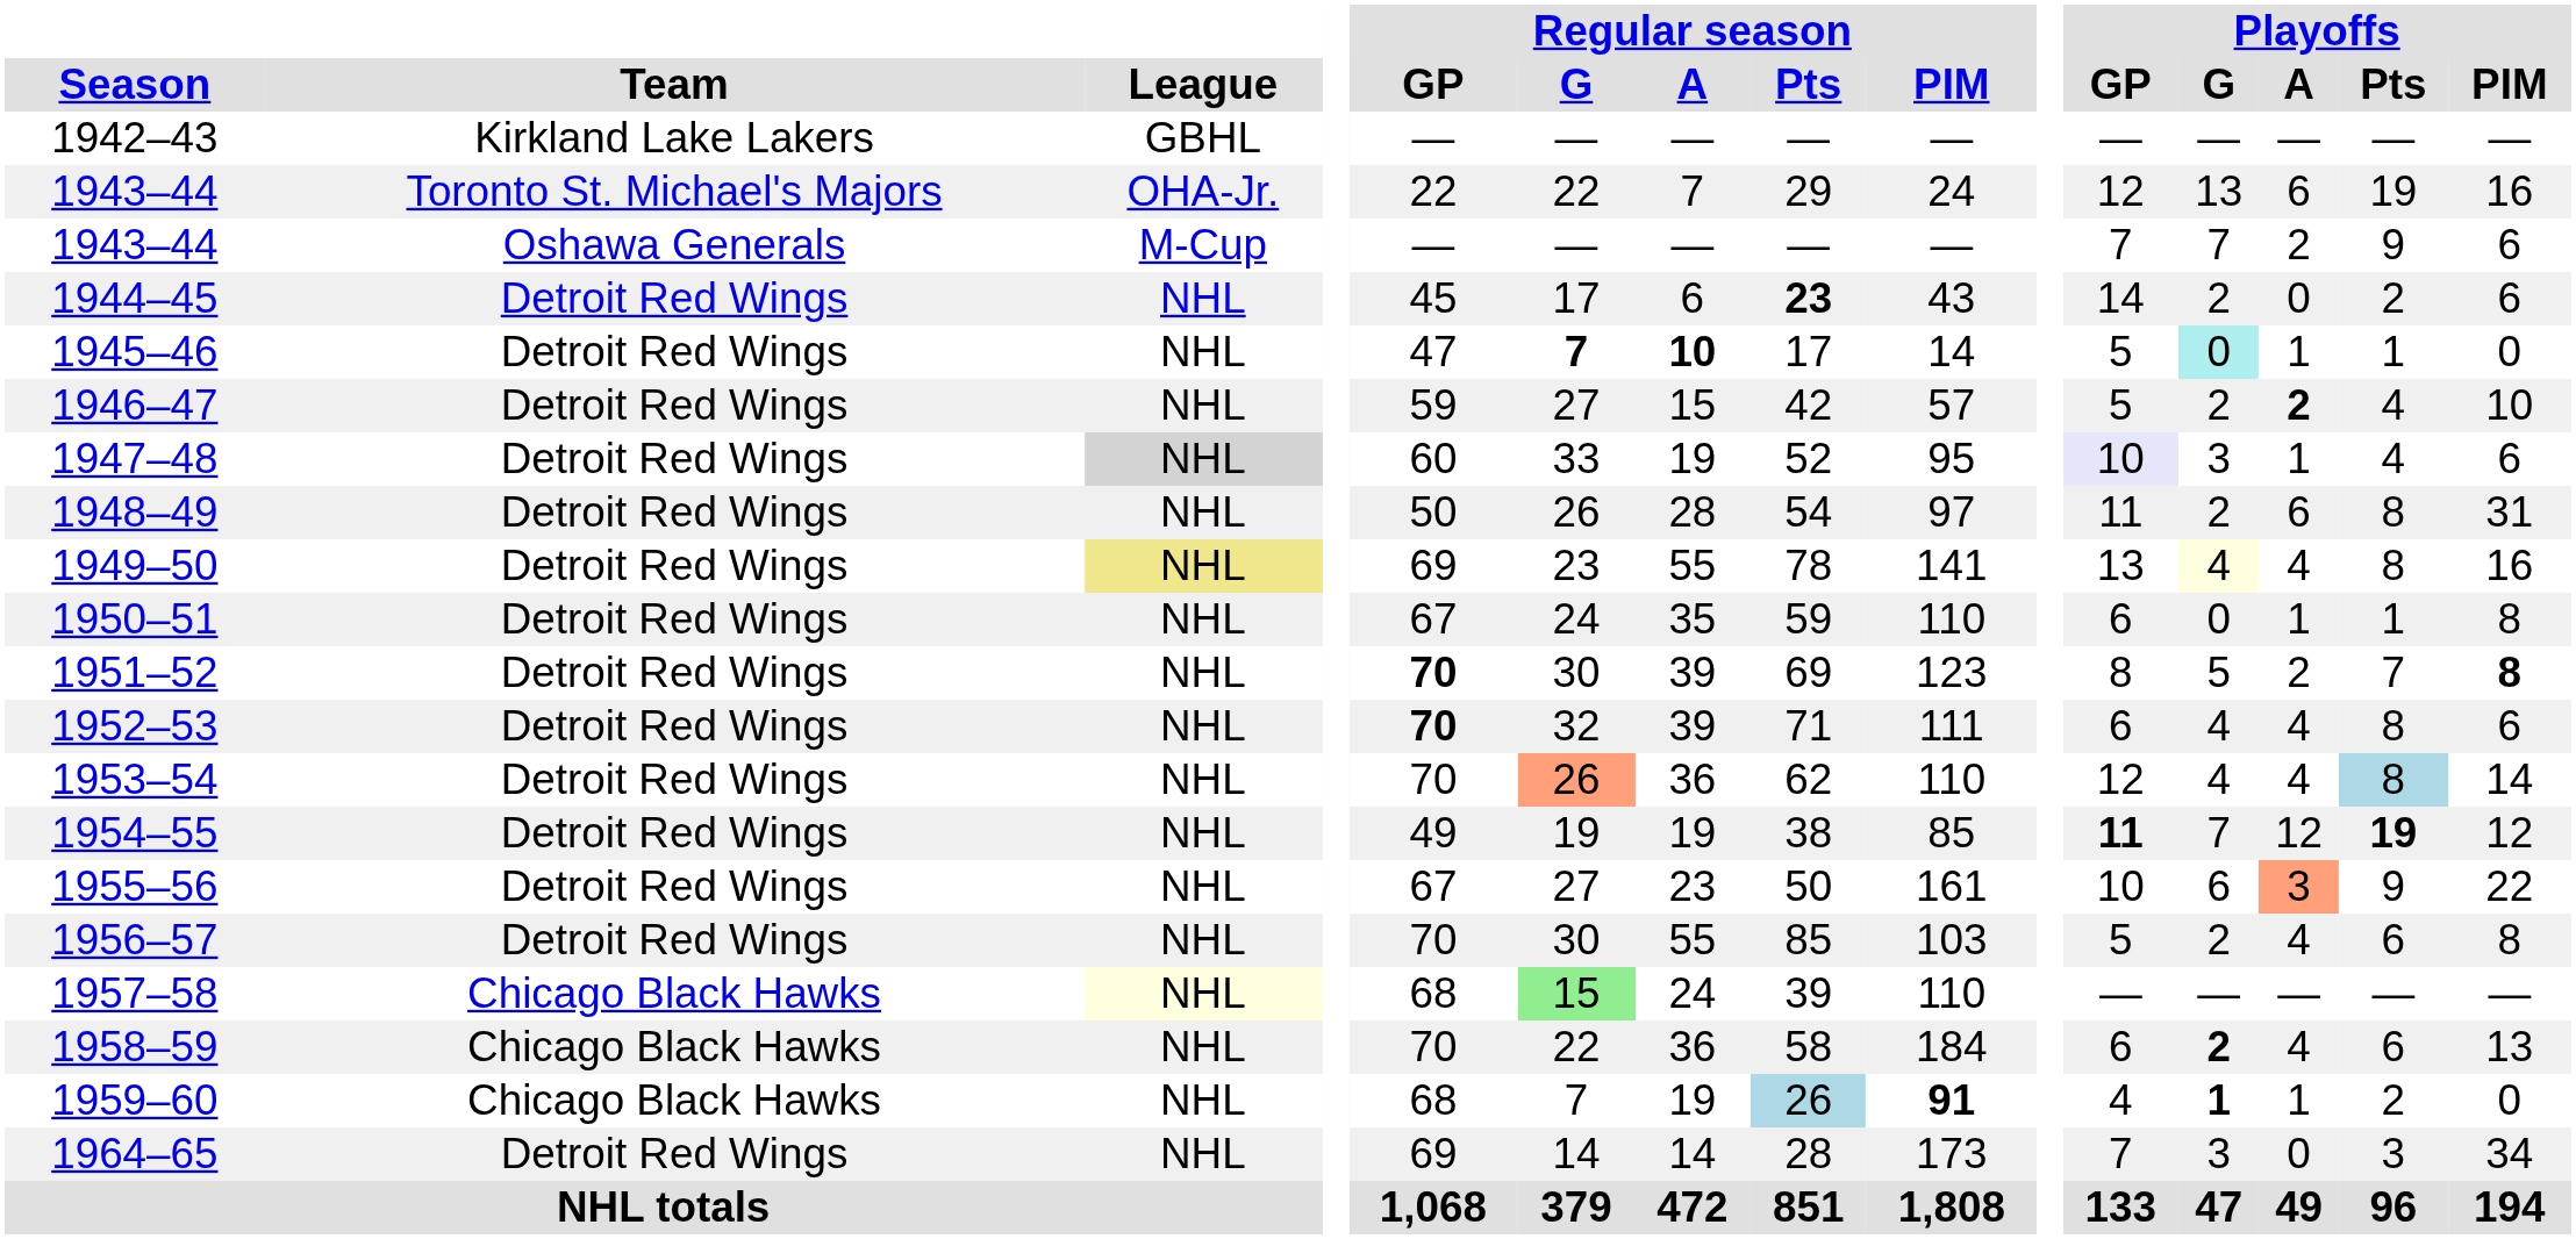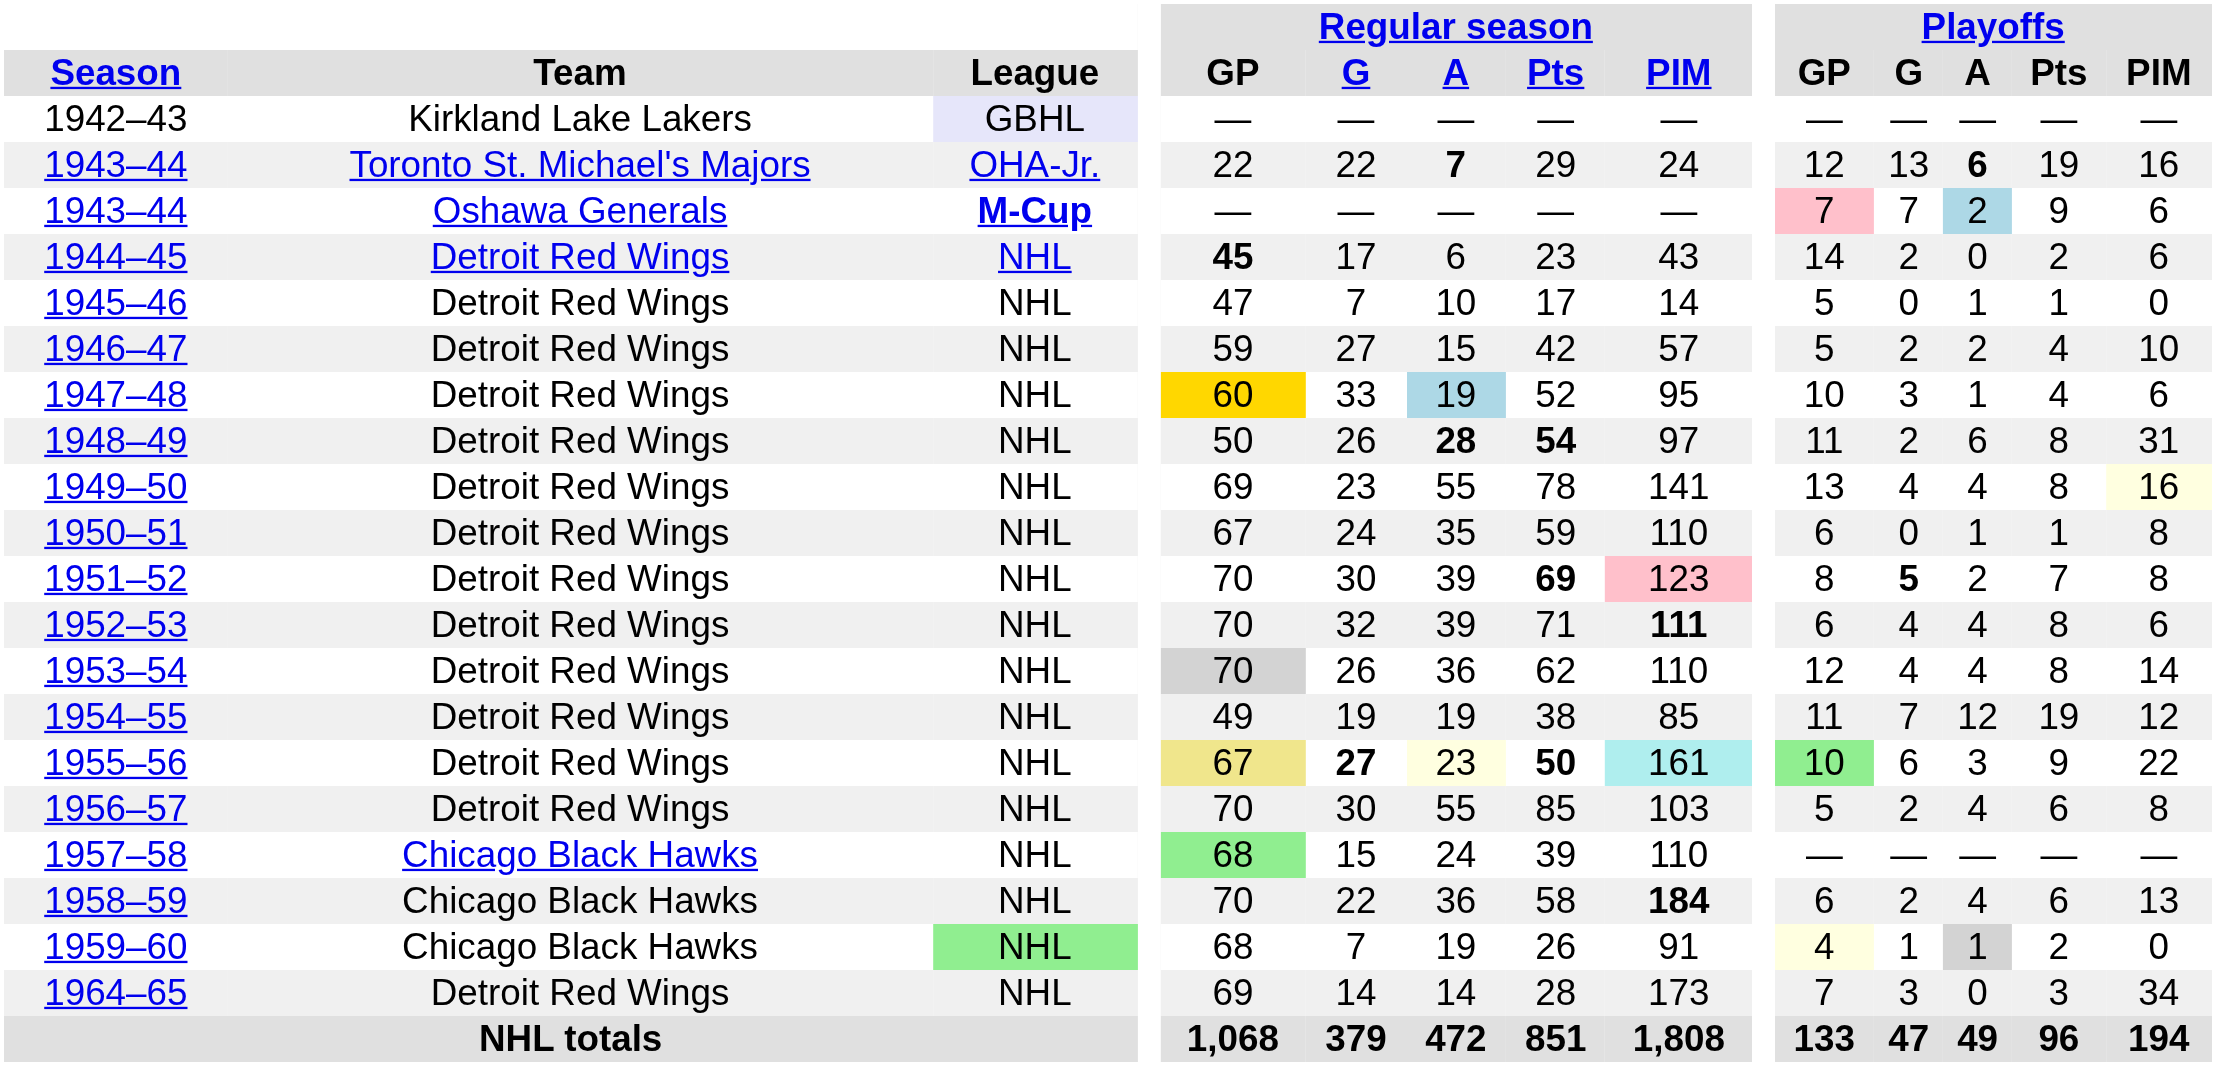 <table border="0" cellpadding="1" cellspacing="0" style="text-align:center; width:60em">
 <tr bgcolor="#e0e0e0">
 <th colspan="3" bgcolor="#ffffff"> </th>
 <th rowspan="99" bgcolor="#ffffff"> </th>
 <th colspan="5"><a href='#'>Regular season</a></th>
 <th rowspan="99" bgcolor="#ffffff"> </th>
 <th colspan="5"><a href='#'>Playoffs</a></th>
 </tr>
 <tr bgcolor="#e0e0e0">
 <th><a href='#'>Season</a></th>
 <th>Team</th>
 <th>League</th>
 <th>GP</th>
 <th><a href='#'>G</a></th>
 <th><a href='#'>A</a></th>
 <th><a href='#'>Pts</a></th>
 <th><a href='#'>PIM</a></th>
 <th>GP</th>
 <th>G</th>
 <th>A</th>
 <th>Pts</th>
 <th>PIM</th>
 </tr>
 <tr>
 <td>1942–43</td>
 <td>Kirkland Lake Lakers</td>
-<td>GBHL</td>
+<td style="background: lavender;">GBHL</td>
 <td>—</td>
 <td>—</td>
 <td>—</td>
 <td>—</td>
 <td>—</td>
 <td>—</td>
 <td>—</td>
 <td>—</td>
 <td>—</td>
 <td>—</td>
 </tr>
 <tr bgcolor="#f0f0f0">
 <td><a href='#'>1943–44</a></td>
 <td><a href='#'>Toronto St. Michael's Majors</a></td>
 <td><a href='#'>OHA-Jr.</a></td>
 <td>22</td>
 <td>22</td>
-<td>7</td>
+<td><strong>7</strong></td>
 <td>29</td>
 <td>24</td>
 <td>12</td>
 <td>13</td>
-<td>6</td>
+<td><strong>6</strong></td>
 <td>19</td>
 <td>16</td>
 </tr>
 <tr>
 <td><a href='#'>1943–44</a></td>
 <td><a href='#'>Oshawa Generals</a></td>
-<td><a href='#'>M-Cup</a></td>
+<td><strong><a href='#'>M-Cup</a></strong></td>
 <td>—</td>
 <td>—</td>
 <td>—</td>
 <td>—</td>
 <td>—</td>
+<td style="background: pink;">7</td>
 <td>7</td>
-<td>7</td>
-<td>2</td>
+<td style="background: lightblue;">2</td>
 <td>9</td>
 <td>6</td>
 </tr>
 <tr bgcolor="#f0f0f0">
 <td><a href='#'>1944–45</a></td>
 <td><a href='#'>Detroit Red Wings</a></td>
 <td><a href='#'>NHL</a></td>
-<td>45</td>
+<td><strong>45</strong></td>
 <td>17</td>
 <td>6</td>
-<td><strong>23</strong></td>
+<td>23</td>
 <td>43</td>
 <td>14</td>
 <td>2</td>
 <td>0</td>
 <td>2</td>
 <td>6</td>
 </tr>
 <tr>
 <td><a href='#'>1945–46</a></td>
 <td>Detroit Red Wings</td>
 <td>NHL</td>
 <td>47</td>
-<td><strong>7</strong></td>
-<td><strong>10</strong></td>
+<td>7</td>
+<td>10</td>
 <td>17</td>
 <td>14</td>
 <td>5</td>
-<td style="background: paleturquoise;">0</td>
+<td>0</td>
 <td>1</td>
 <td>1</td>
 <td>0</td>
 </tr>
 <tr bgcolor="#f0f0f0">
 <td><a href='#'>1946–47</a></td>
 <td>Detroit Red Wings</td>
 <td>NHL</td>
 <td>59</td>
 <td>27</td>
 <td>15</td>
 <td>42</td>
 <td>57</td>
 <td>5</td>
 <td>2</td>
-<td><strong>2</strong></td>
+<td>2</td>
 <td>4</td>
 <td>10</td>
 </tr>
 <tr>
 <td><a href='#'>1947–48</a></td>
 <td>Detroit Red Wings</td>
-<td style="background: lightgrey;">NHL</td>
-<td>60</td>
+<td>NHL</td>
+<td style="background: gold;">60</td>
 <td>33</td>
-<td>19</td>
+<td style="background: lightblue;">19</td>
 <td>52</td>
 <td>95</td>
-<td style="background: lavender;">10</td>
+<td>10</td>
 <td>3</td>
 <td>1</td>
 <td>4</td>
 <td>6</td>
 </tr>
 <tr bgcolor="#f0f0f0">
 <td><a href='#'>1948–49</a></td>
 <td>Detroit Red Wings</td>
 <td>NHL</td>
 <td>50</td>
 <td>26</td>
-<td>28</td>
-<td>54</td>
+<td><strong>28</strong></td>
+<td><strong>54</strong></td>
 <td>97</td>
 <td>11</td>
 <td>2</td>
 <td>6</td>
 <td>8</td>
 <td>31</td>
 </tr>
 <tr>
 <td><a href='#'>1949–50</a></td>
 <td>Detroit Red Wings</td>
-<td style="background: khaki;">NHL</td>
+<td>NHL</td>
 <td>69</td>
 <td>23</td>
 <td>55</td>
 <td>78</td>
 <td>141</td>
 <td>13</td>
-<td style="background: lightyellow;">4</td>
+<td>4</td>
 <td>4</td>
 <td>8</td>
-<td>16</td>
+<td style="background: lightyellow;">16</td>
 </tr>
 <tr bgcolor="#f0f0f0">
 <td><a href='#'>1950–51</a></td>
 <td>Detroit Red Wings</td>
 <td>NHL</td>
 <td>67</td>
 <td>24</td>
 <td>35</td>
 <td>59</td>
 <td>110</td>
 <td>6</td>
 <td>0</td>
 <td>1</td>
 <td>1</td>
 <td>8</td>
 </tr>
 <tr>
 <td><a href='#'>1951–52</a></td>
 <td>Detroit Red Wings</td>
 <td>NHL</td>
-<td><strong>70</strong></td>
+<td>70</td>
 <td>30</td>
 <td>39</td>
-<td>69</td>
-<td>123</td>
+<td><strong>69</strong></td>
+<td style="background: pink;">123</td>
 <td>8</td>
-<td>5</td>
+<td><strong>5</strong></td>
 <td>2</td>
 <td>7</td>
-<td><strong>8</strong></td>
+<td>8</td>
 </tr>
 <tr bgcolor="#f0f0f0">
 <td><a href='#'>1952–53</a></td>
 <td>Detroit Red Wings</td>
 <td>NHL</td>
-<td><strong>70</strong></td>
+<td>70</td>
 <td>32</td>
 <td>39</td>
 <td>71</td>
-<td>111</td>
+<td><strong>111</strong></td>
 <td>6</td>
 <td>4</td>
 <td>4</td>
 <td>8</td>
 <td>6</td>
 </tr>
 <tr>
 <td><a href='#'>1953–54</a></td>
 <td>Detroit Red Wings</td>
 <td>NHL</td>
-<td>70</td>
-<td style="background: lightsalmon;">26</td>
+<td style="background: lightgrey;">70</td>
+<td>26</td>
 <td>36</td>
 <td>62</td>
 <td>110</td>
 <td>12</td>
 <td>4</td>
 <td>4</td>
-<td style="background: lightblue;">8</td>
+<td>8</td>
 <td>14</td>
 </tr>
 <tr bgcolor="#f0f0f0">
 <td><a href='#'>1954–55</a></td>
 <td>Detroit Red Wings</td>
 <td>NHL</td>
 <td>49</td>
 <td>19</td>
 <td>19</td>
 <td>38</td>
 <td>85</td>
-<td><strong>11</strong></td>
+<td>11</td>
 <td>7</td>
 <td>12</td>
-<td><strong>19</strong></td>
+<td>19</td>
 <td>12</td>
 </tr>
 <tr>
 <td><a href='#'>1955–56</a></td>
 <td>Detroit Red Wings</td>
 <td>NHL</td>
-<td>67</td>
-<td>27</td>
-<td>23</td>
-<td>50</td>
-<td>161</td>
-<td>10</td>
+<td style="background: khaki;">67</td>
+<td><strong>27</strong></td>
+<td style="background: lightyellow;">23</td>
+<td><strong>50</strong></td>
+<td style="background: paleturquoise;">161</td>
+<td style="background: lightgreen;">10</td>
 <td>6</td>
-<td style="background: lightsalmon;">3</td>
+<td>3</td>
 <td>9</td>
 <td>22</td>
 </tr>
 <tr bgcolor="#f0f0f0">
 <td><a href='#'>1956–57</a></td>
 <td>Detroit Red Wings</td>
 <td>NHL</td>
 <td>70</td>
 <td>30</td>
 <td>55</td>
 <td>85</td>
 <td>103</td>
 <td>5</td>
 <td>2</td>
 <td>4</td>
 <td>6</td>
 <td>8</td>
 </tr>
 <tr>
 <td><a href='#'>1957–58</a></td>
 <td><a href='#'>Chicago Black Hawks</a></td>
-<td style="background: lightyellow;">NHL</td>
-<td>68</td>
-<td style="background: lightgreen;">15</td>
+<td>NHL</td>
+<td style="background: lightgreen;">68</td>
+<td>15</td>
 <td>24</td>
 <td>39</td>
 <td>110</td>
 <td>—</td>
 <td>—</td>
 <td>—</td>
 <td>—</td>
 <td>—</td>
 </tr>
 <tr bgcolor="#f0f0f0">
 <td><a href='#'>1958–59</a></td>
 <td>Chicago Black Hawks</td>
 <td>NHL</td>
 <td>70</td>
 <td>22</td>
 <td>36</td>
 <td>58</td>
-<td>184</td>
+<td><strong>184</strong></td>
 <td>6</td>
-<td><strong>2</strong></td>
+<td>2</td>
 <td>4</td>
 <td>6</td>
 <td>13</td>
 </tr>
 <tr>
 <td><a href='#'>1959–60</a></td>
 <td>Chicago Black Hawks</td>
-<td>NHL</td>
+<td style="background: lightgreen;">NHL</td>
 <td>68</td>
 <td>7</td>
 <td>19</td>
-<td style="background: lightblue;">26</td>
-<td><strong>91</strong></td>
-<td>4</td>
-<td><strong>1</strong></td>
+<td>26</td>
+<td>91</td>
+<td style="background: lightyellow;">4</td>
 <td>1</td>
+<td style="background: lightgrey;">1</td>
 <td>2</td>
 <td>0</td>
 </tr>
 <tr bgcolor="#f0f0f0">
 <td><a href='#'>1964–65</a></td>
 <td>Detroit Red Wings</td>
 <td>NHL</td>
 <td>69</td>
 <td>14</td>
 <td>14</td>
 <td>28</td>
 <td>173</td>
 <td>7</td>
 <td>3</td>
 <td>0</td>
 <td>3</td>
 <td>34</td>
 </tr>
 <tr bgcolor="#e0e0e0">
 <th colspan="3">NHL totals</th>
 <th>1,068</th>
 <th>379</th>
 <th>472</th>
 <th>851</th>
 <th>1,808</th>
 <th>133</th>
 <th>47</th>
 <th>49</th>
 <th>96</th>
 <th>194</th>
 </tr>
 </table>
